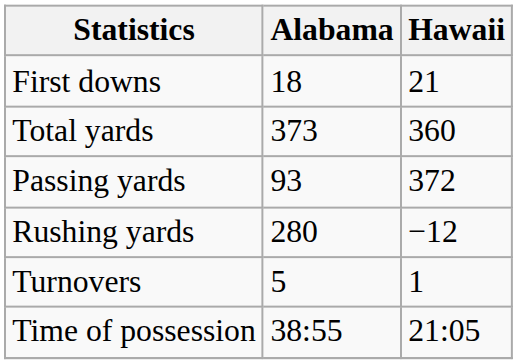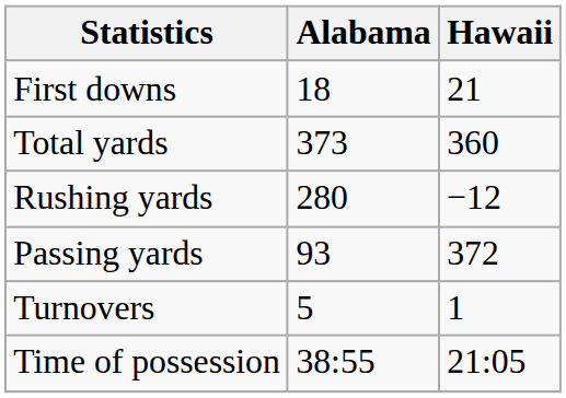 <table class="wikitable" style="float: left;">
 <tr>
 <th>Statistics</th>
 <th>Alabama</th>
 <th>Hawaii</th>
 </tr>
 <tr>
 <td>First downs</td>
 <td>18</td>
 <td>21</td>
 </tr>
 <tr>
 <td>Total yards</td>
 <td>373</td>
 <td>360</td>
 </tr>
 <tr>
+<td>Rushing yards</td>
+<td>280</td>
+<td>−12</td>
+</tr>
+<tr>
 <td>Passing yards</td>
 <td>93</td>
 <td>372</td>
-</tr>
-<tr>
-<td>Rushing yards</td>
-<td>280</td>
-<td>−12</td>
 </tr>
 <tr>
 <td>Turnovers</td>
 <td>5</td>
 <td>1</td>
 </tr>
 <tr>
 <td>Time of possession</td>
 <td>38:55</td>
 <td>21:05</td>
 </tr>
 <tr>
 </tr>
 </table>
